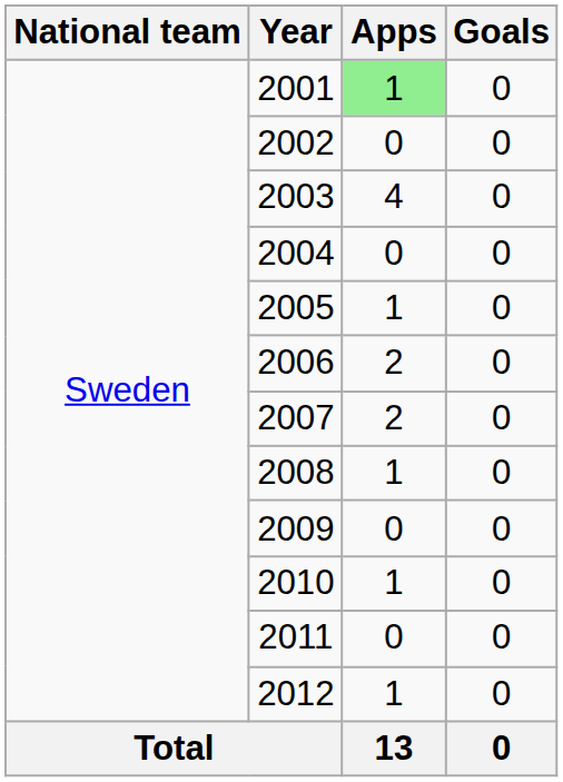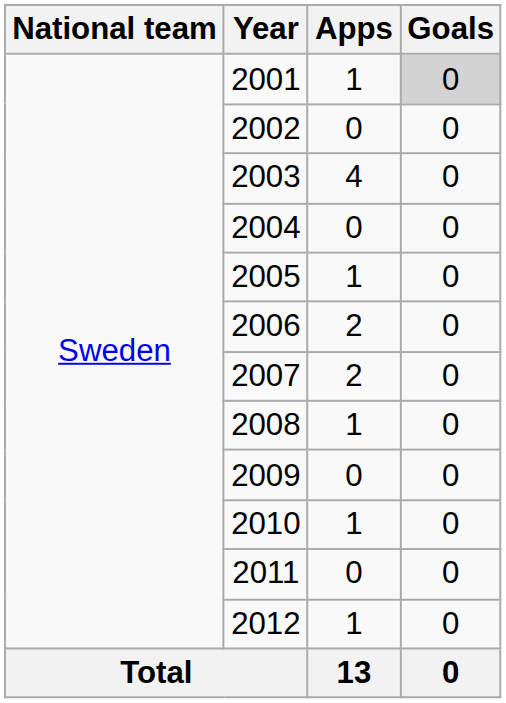 <table class="wikitable" style="text-align:center">
 <tr>
 <th>National team</th>
 <th>Year</th>
 <th>Apps</th>
 <th>Goals</th>
 </tr>
 <tr>
 <td rowspan="12"><a href='#'>Sweden</a></td>
 <td>2001</td>
-<td style="background: lightgreen;">1</td>
-<td>0</td>
+<td>1</td>
+<td style="background: lightgrey;">0</td>
 </tr>
 <tr>
 <td>2002</td>
 <td>0</td>
 <td>0</td>
 </tr>
 <tr>
 <td>2003</td>
 <td>4</td>
 <td>0</td>
 </tr>
 <tr>
 <td>2004</td>
 <td>0</td>
 <td>0</td>
 </tr>
 <tr>
 <td>2005</td>
 <td>1</td>
 <td>0</td>
 </tr>
 <tr>
 <td>2006</td>
 <td>2</td>
 <td>0</td>
 </tr>
 <tr>
 <td>2007</td>
 <td>2</td>
 <td>0</td>
 </tr>
 <tr>
 <td>2008</td>
 <td>1</td>
 <td>0</td>
 </tr>
 <tr>
 <td>2009</td>
 <td>0</td>
 <td>0</td>
 </tr>
 <tr>
 <td>2010</td>
 <td>1</td>
 <td>0</td>
 </tr>
 <tr>
 <td>2011</td>
 <td>0</td>
 <td>0</td>
 </tr>
 <tr>
 <td>2012</td>
 <td>1</td>
 <td>0</td>
 </tr>
 <tr>
 <th colspan="2">Total</th>
 <th>13</th>
 <th>0</th>
 </tr>
 </table>
